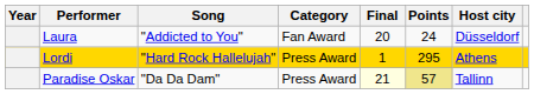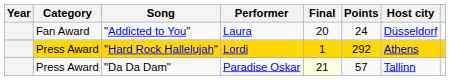 <table class="wikitable sortable plainrowheaders" style="font-size:95%">
 <tr>
 <th>Year</th>
+<th>Category</th>
+<th>Song</th>
 <th>Performer</th>
-<th>Song</th>
-<th>Category</th>
 <th width=45px>Final</th>
 <th width=45px>Points</th>
 <th>Host city</th>
 <th class="unsortable"></th>
 </tr>
 <tr>
 <th scope="row"></th>
+<td>Fan Award</td>
+<td>"<a href='#'>Addicted to You</a>"</td>
 <td><a href='#'>Laura</a></td>
-<td>"<a href='#'>Addicted to You</a>"</td>
-<td>Fan Award</td>
 <td style="text-align:center;">20</td>
 <td style="text-align:center;">24</td>
 <td> <a href='#'>Düsseldorf</a></td>
 <td></td>
 </tr>
 <tr style="background-color:gold;">
 <th scope="row"></th>
+<td>Press Award</td>
+<td>"<a href='#'>Hard Rock Hallelujah</a>"</td>
 <td><a href='#'>Lordi</a></td>
-<td>"<a href='#'>Hard Rock Hallelujah</a>"</td>
-<td>Press Award</td>
 <td style="text-align:center;">1</td>
-<td style="text-align:center;">295</td>
+<td style="text-align:center;">292</td>
 <td> <a href='#'>Athens</a></td>
 <td></td>
 </tr>
 <tr>
 <th scope="row"></th>
+<td>Press Award</td>
+<td>"Da Da Dam"</td>
 <td><a href='#'>Paradise Oskar</a></td>
-<td>"Da Da Dam"</td>
-<td>Press Award</td>
 <td style="background: lightyellow; text-align:center;">21</td>
-<td style="background: khaki; text-align:center;">57</td>
+<td style="text-align:center;">57</td>
 <td> <a href='#'>Tallinn</a></td>
 <td></td>
 </tr>
 </table>
